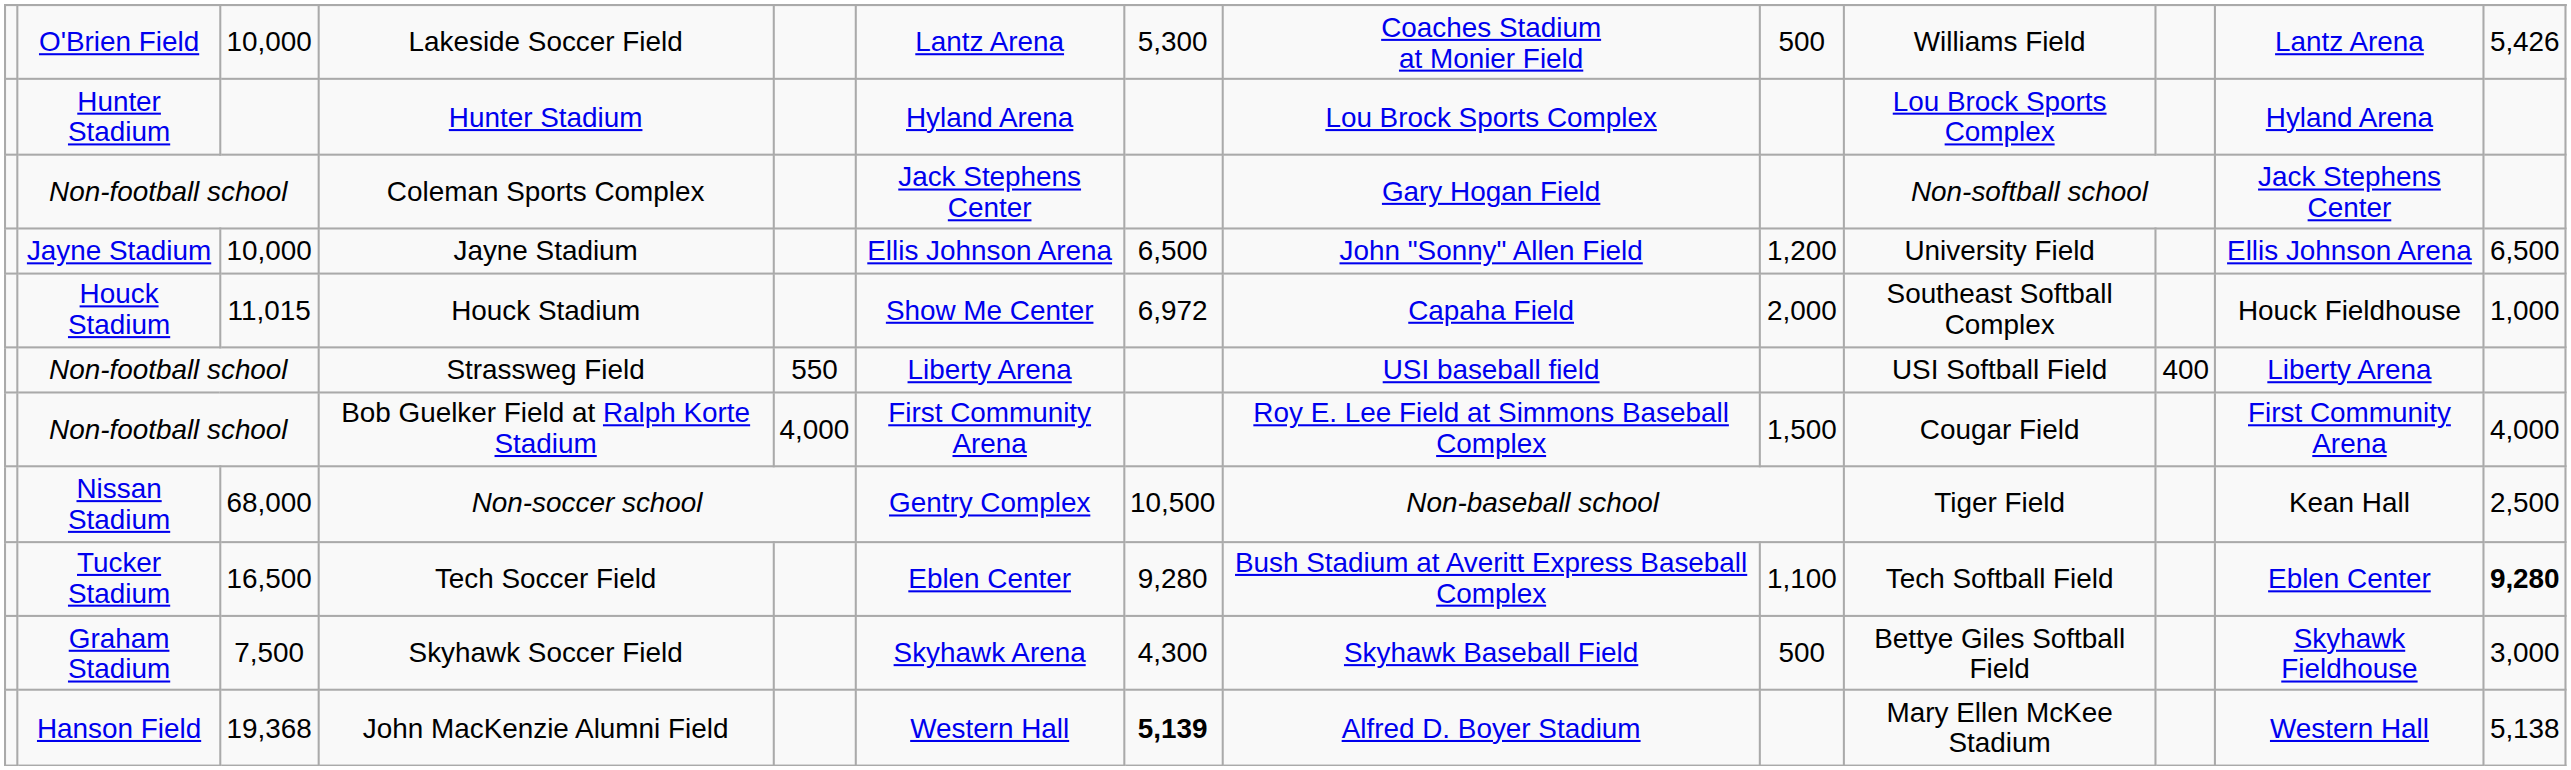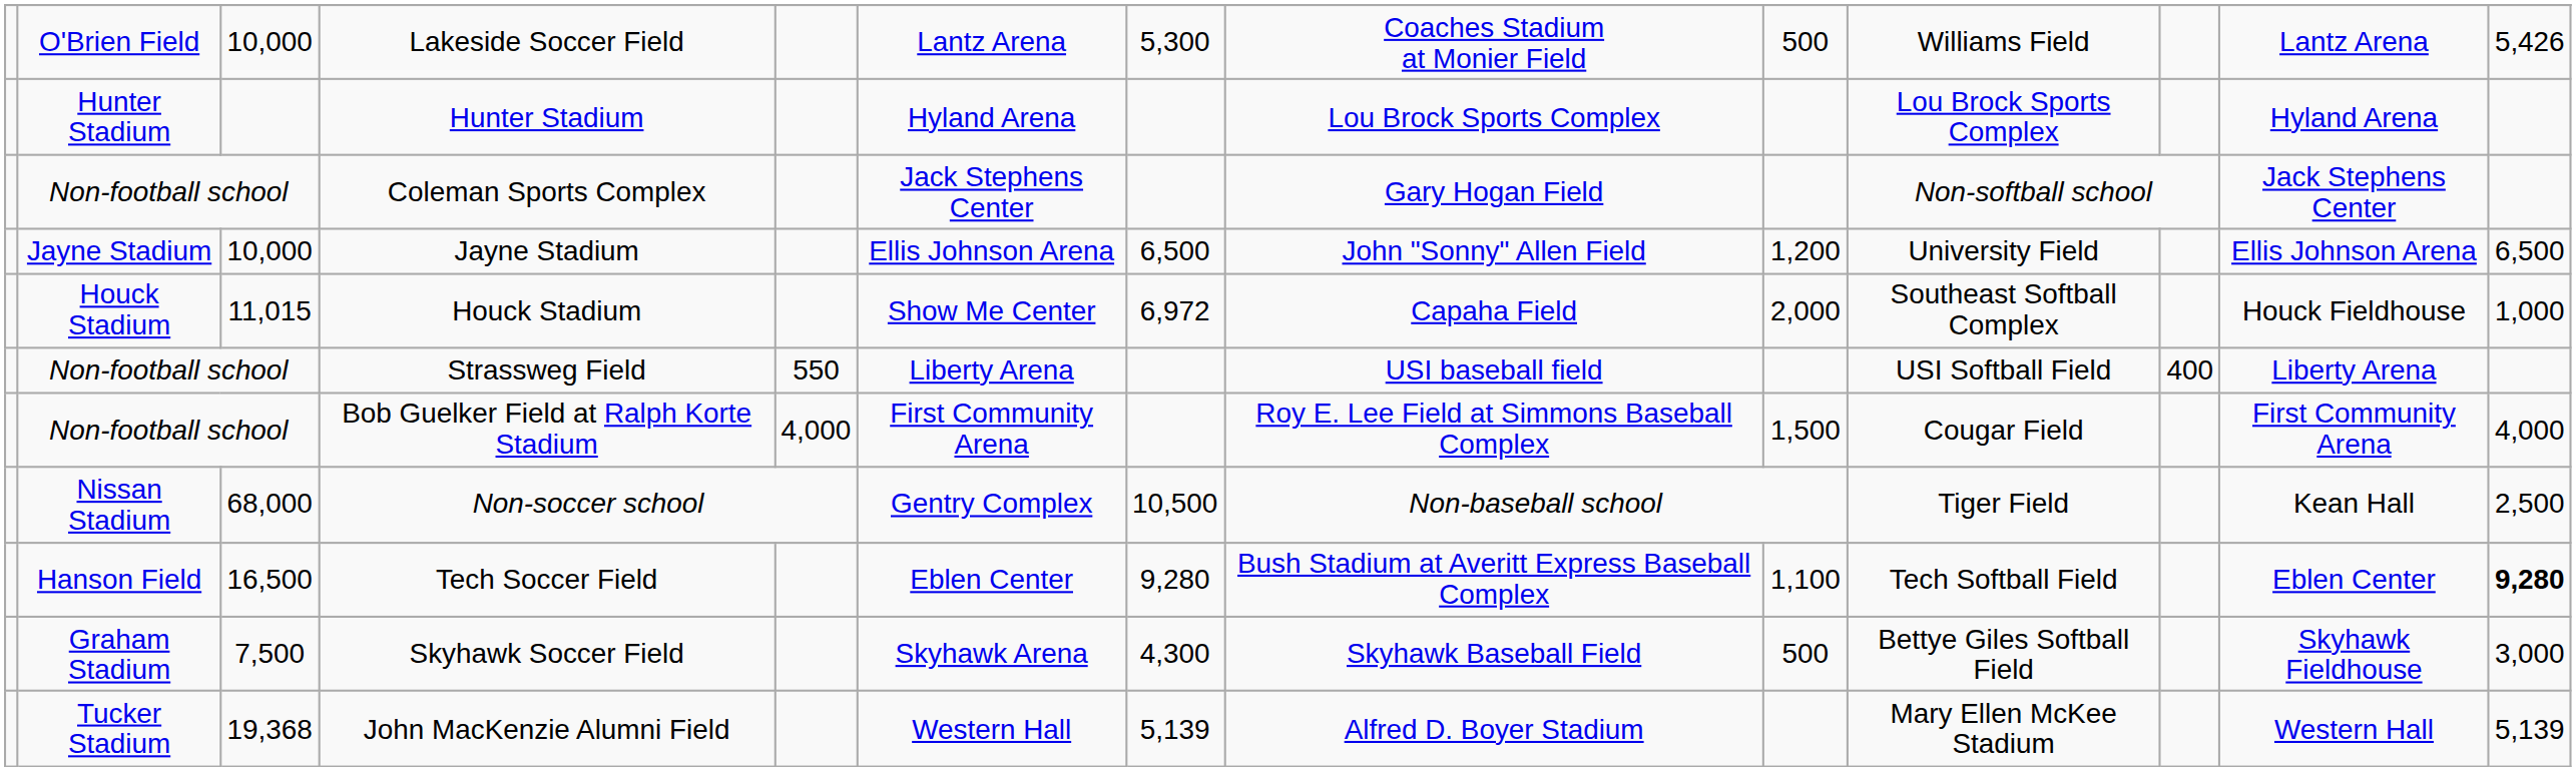 <table class="wikitable sortable" style="text-align:center; font-size:85%">
 <tr>
 </tr>
 <tr>
 <td style="text-align:center; "><a href='#'></a></td>
 <td><a href='#'>O'Brien Field</a></td>
 <td>10,000</td>
 <td>Lakeside Soccer Field</td>
 <td></td>
 <td><a href='#'>Lantz Arena</a></td>
 <td>5,300</td>
 <td><a href='#'>Coaches Stadium<br>at Monier Field</a></td>
 <td>500</td>
 <td>Williams Field</td>
 <td></td>
 <td><a href='#'>Lantz Arena</a></td>
 <td>5,426</td>
 </tr>
 <tr>
 <td style="text-align:center; "><a href='#'></a></td>
 <td><a href='#'>Hunter Stadium</a></td>
 <td></td>
 <td><a href='#'>Hunter Stadium</a></td>
 <td></td>
 <td><a href='#'>Hyland Arena</a></td>
 <td></td>
 <td><a href='#'>Lou Brock Sports Complex</a></td>
 <td></td>
 <td><a href='#'>Lou Brock Sports Complex</a></td>
 <td></td>
 <td><a href='#'>Hyland Arena</a></td>
 <td></td>
 </tr>
 <tr>
 <td style="text-align:center; "><a href='#'></a></td>
 <td colspan="2" style="text-align:center;"><em>Non-football school</em></td>
 <td>Coleman Sports Complex</td>
 <td></td>
 <td><a href='#'>Jack Stephens Center</a></td>
 <td></td>
 <td><a href='#'>Gary Hogan Field</a></td>
 <td></td>
 <td colspan="2" style="text-align:center;"><em>Non-softball school</em></td>
 <td><a href='#'>Jack Stephens Center</a></td>
 <td></td>
 </tr>
 <tr>
 <td style="text-align:center; "><a href='#'></a></td>
 <td><a href='#'>Jayne Stadium</a></td>
 <td>10,000</td>
 <td>Jayne Stadium</td>
 <td></td>
 <td><a href='#'>Ellis Johnson Arena</a></td>
 <td>6,500</td>
 <td><a href='#'>John "Sonny" Allen Field</a></td>
 <td>1,200</td>
 <td>University Field</td>
 <td></td>
 <td><a href='#'>Ellis Johnson Arena</a></td>
 <td>6,500</td>
 </tr>
 <tr>
 <td style="text-align:center; "><a href='#'></a></td>
 <td><a href='#'>Houck Stadium</a></td>
 <td>11,015</td>
 <td>Houck Stadium</td>
 <td></td>
 <td><a href='#'>Show Me Center</a></td>
 <td>6,972</td>
 <td><a href='#'>Capaha Field</a></td>
 <td>2,000</td>
 <td>Southeast Softball Complex</td>
 <td></td>
 <td>Houck Fieldhouse</td>
 <td>1,000</td>
 </tr>
 <tr>
 <td style="text-align:center; "><a href='#'></a></td>
 <td colspan="2" style="text-align:center;"><em>Non-football school</em></td>
 <td>Strassweg Field</td>
 <td>550</td>
 <td><a href='#'>Liberty Arena</a></td>
 <td></td>
 <td><a href='#'>USI baseball field</a></td>
 <td></td>
 <td>USI Softball Field</td>
 <td>400</td>
 <td><a href='#'>Liberty Arena</a></td>
 <td></td>
 </tr>
 <tr>
 <td style="text-align:center; "><a href='#'></a></td>
 <td colspan="2" style="text-align:center;"><em>Non-football school</em></td>
 <td>Bob Guelker Field at <a href='#'>Ralph Korte Stadium</a></td>
 <td>4,000</td>
 <td><a href='#'>First Community Arena</a></td>
 <td></td>
 <td><a href='#'>Roy E. Lee Field at Simmons Baseball Complex</a></td>
 <td>1,500</td>
 <td>Cougar Field</td>
 <td></td>
 <td><a href='#'>First Community Arena</a></td>
 <td>4,000</td>
 </tr>
 <tr>
 <td style="text-align:center; "><a href='#'></a></td>
 <td><a href='#'>Nissan Stadium</a></td>
 <td>68,000</td>
 <td colspan="2" style="text-align:center;"><em>Non-soccer school</em></td>
 <td><a href='#'>Gentry Complex</a></td>
 <td>10,500</td>
 <td colspan="2" style="text-align:center;"><em>Non-baseball school</em></td>
 <td>Tiger Field</td>
 <td></td>
 <td>Kean Hall</td>
 <td>2,500</td>
 </tr>
 <tr>
 <td style="text-align:center; "><a href='#'></a></td>
-<td><a href='#'>Tucker Stadium</a></td>
+<td><a href='#'>Hanson Field</a></td>
 <td>16,500</td>
 <td>Tech Soccer Field</td>
 <td></td>
 <td><a href='#'>Eblen Center</a></td>
 <td>9,280</td>
 <td><a href='#'>Bush Stadium at Averitt Express Baseball Complex</a></td>
 <td>1,100</td>
 <td>Tech Softball Field</td>
 <td></td>
 <td><a href='#'>Eblen Center</a></td>
 <td><strong>9,280</strong></td>
 </tr>
 <tr>
 <td style="text-align:center; "><a href='#'></a></td>
 <td><a href='#'>Graham Stadium</a></td>
 <td>7,500</td>
 <td>Skyhawk Soccer Field</td>
 <td></td>
 <td><a href='#'>Skyhawk Arena</a></td>
 <td>4,300</td>
 <td><a href='#'>Skyhawk Baseball Field</a></td>
 <td>500</td>
 <td>Bettye Giles Softball Field</td>
 <td></td>
 <td><a href='#'>Skyhawk Fieldhouse</a></td>
 <td>3,000</td>
 </tr>
 <tr>
 <td style="text-align:center; "><a href='#'></a></td>
-<td><a href='#'>Hanson Field</a></td>
+<td><a href='#'>Tucker Stadium</a></td>
 <td>19,368</td>
 <td>John MacKenzie Alumni Field</td>
 <td></td>
 <td><a href='#'>Western Hall</a></td>
-<td><strong>5,139</strong></td>
+<td>5,139</td>
 <td><a href='#'>Alfred D. Boyer Stadium</a></td>
 <td></td>
 <td>Mary Ellen McKee Stadium</td>
 <td></td>
 <td><a href='#'>Western Hall</a></td>
-<td>5,138</td>
+<td>5,139</td>
 </tr>
 </table>
